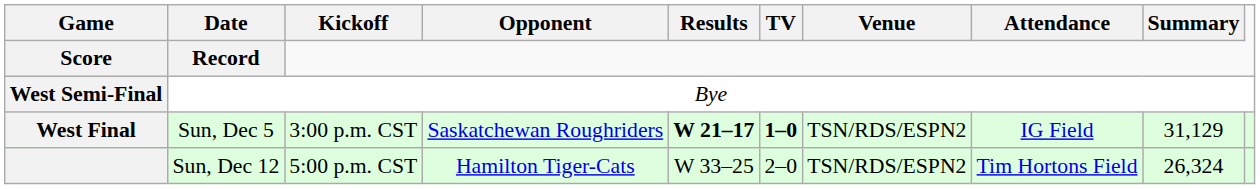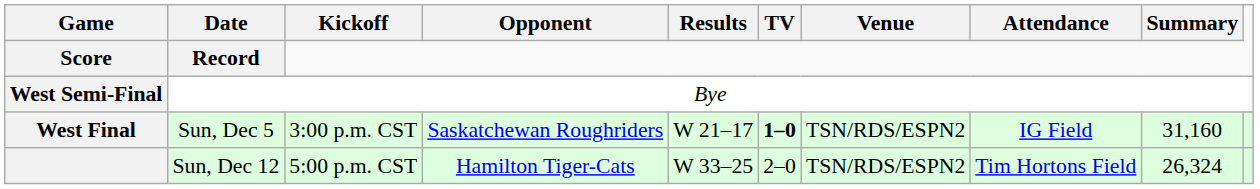 <table class="wikitable" style="font-size: 95%;">
 <tr>
 <th scope="col">Game</th>
 <th scope="col">Date</th>
 <th scope="col">Kickoff</th>
 <th scope="col">Opponent</th>
 <th scope="col">Results</th>
 <th scope="col">TV</th>
 <th scope="col">Venue</th>
 <th scope="col">Attendance</th>
 <th scope="col">Summary</th>
 </tr>
 <tr>
 <th scope="col">Score</th>
 <th scope="col">Record</th>
 </tr>
 <tr bgcolor="#ffffff" align="center">
 <th align="center">West Semi-Final</th>
 <td colspan="9" valign="middle" align="center"><em>Bye</em></td>
 </tr>
 <tr align="center" bgcolor="#ddffdd">
 <th align="center">West Final</th>
 <td align="center">Sun, Dec 5</td>
 <td align="center">3:00 p.m. CST</td>
 <td align="center"><a href='#'>Saskatchewan Roughriders</a></td>
-<td align="center"><strong>W 21–17</strong></td>
+<td align="center">W 21–17</td>
 <td align="center"><strong>1–0</strong></td>
 <td align="center">TSN/RDS/ESPN2</td>
 <td align="center"><a href='#'>IG Field</a></td>
-<td align="center">31,129</td>
+<td align="center">31,160</td>
 <td align="center"></td>
 </tr>
 <tr align="center" bgcolor="#ddffdd">
 <th style="text-align:center;"><a href='#'></a></th>
 <td align="center">Sun, Dec 12</td>
 <td align="center">5:00 p.m. CST</td>
 <td align="center"><a href='#'>Hamilton Tiger-Cats</a></td>
 <td align="center">W 33–25 </td>
 <td align="center">2–0</td>
 <td align="center">TSN/RDS/ESPN2</td>
 <td align="center"><a href='#'>Tim Hortons Field</a></td>
 <td align="center">26,324</td>
 <td align="center"></td>
 </tr>
 </table>
